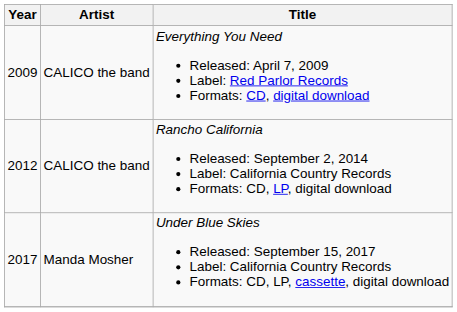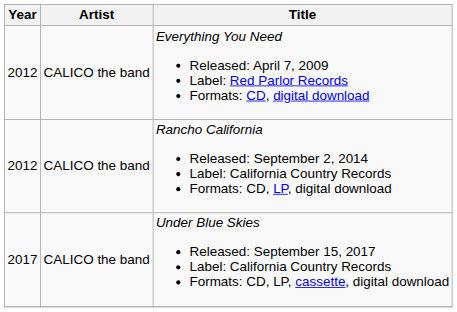 <table class="wikitable">
 <tr>
 <th rowspan="1">Year</th>
 <th rowspan="1">Artist</th>
 <th rowspan="1">Title</th>
 </tr>
 <tr>
-<td>2009</td>
+<td>2012</td>
 <td>CALICO the band</td>
 <td><em>Everything You Need</em><br><ul><li>Released: April 7, 2009</li><li>Label: <a href='#'>Red Parlor Records</a></li><li>Formats: <a href='#'>CD</a>, <a href='#'>digital download</a></li></ul></td>
 </tr>
 <tr>
 <td>2012</td>
 <td>CALICO the band</td>
 <td><em>Rancho California</em><br><ul><li>Released: September 2, 2014</li><li>Label: California Country Records</li><li>Formats: CD, <a href='#'>LP</a>, digital download</li></ul></td>
 </tr>
 <tr>
 <td>2017</td>
-<td>Manda Mosher</td>
+<td>CALICO the band</td>
 <td><em>Under Blue Skies</em><br><ul><li>Released: September 15, 2017</li><li>Label: California Country Records</li><li>Formats: CD, LP, <a href='#'>cassette</a>, digital download</li></ul></td>
 </tr>
 <tr>
 </tr>
 </table>
